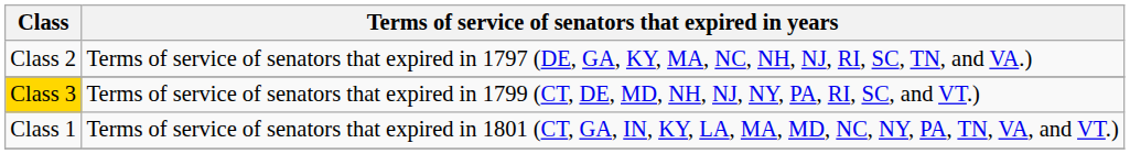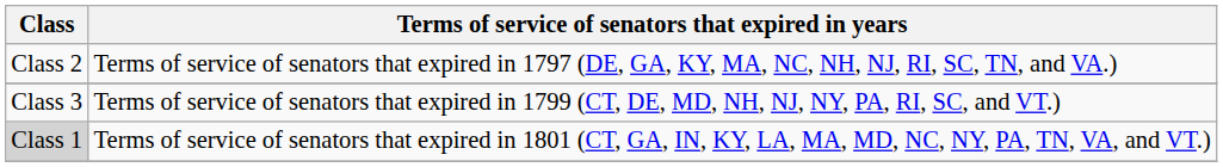 <table class="wikitable sortable">
 <tr valign=bottom>
 <th>Class</th>
 <th>Terms of service of senators that expired in years</th>
 </tr>
 <tr>
 <td>Class 2</td>
 <td>Terms of service of senators that expired in 1797 (<a href='#'>DE</a>, <a href='#'>GA</a>, <a href='#'>KY</a>, <a href='#'>MA</a>, <a href='#'>NC</a>, <a href='#'>NH</a>, <a href='#'>NJ</a>, <a href='#'>RI</a>, <a href='#'>SC</a>, <a href='#'>TN</a>, and <a href='#'>VA</a>.)</td>
 </tr>
 <tr>
 </tr>
 <tr>
-<td style="background: gold;">Class 3</td>
+<td>Class 3</td>
 <td>Terms of service of senators that expired in 1799 (<a href='#'>CT</a>, <a href='#'>DE</a>, <a href='#'>MD</a>, <a href='#'>NH</a>, <a href='#'>NJ</a>, <a href='#'>NY</a>, <a href='#'>PA</a>, <a href='#'>RI</a>, <a href='#'>SC</a>, and <a href='#'>VT</a>.)</td>
 </tr>
 <tr>
-<td>Class 1</td>
+<td style="background: lightgrey;">Class 1</td>
 <td>Terms of service of senators that expired in 1801 (<a href='#'>CT</a>, <a href='#'>GA</a>, <a href='#'>IN</a>, <a href='#'>KY</a>, <a href='#'>LA</a>, <a href='#'>MA</a>, <a href='#'>MD</a>, <a href='#'>NC</a>, <a href='#'>NY</a>, <a href='#'>PA</a>, <a href='#'>TN</a>, <a href='#'>VA</a>, and <a href='#'>VT</a>.)</td>
 </tr>
 <tr>
 </tr>
 </table>
